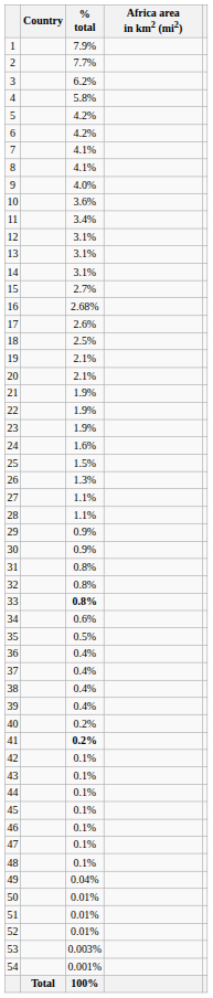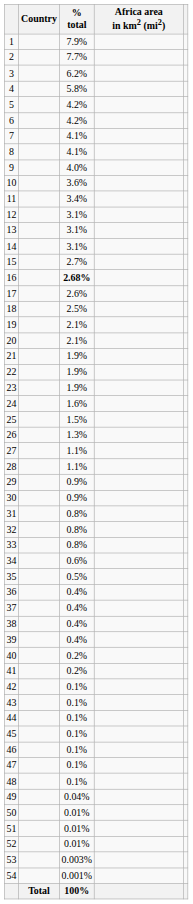 <table class="sortable wikitable sticky-header col2left" style="text-align: center">
 <tr>
 <th></th>
 <th>Country</th>
 <th>%<br>total</th>
 <th style=width:8.5em>Africa area<br>in km<sup>2</sup> (mi<sup>2</sup>)</th>
 <th class="unsortable"></th>
 </tr>
 <tr>
 <td>1</td>
 <td></td>
 <td>7.9%</td>
 <td></td>
 <td></td>
 </tr>
 <tr>
 <td>2</td>
 <td></td>
 <td>7.7%</td>
 <td></td>
 <td></td>
 </tr>
 <tr>
 <td>3</td>
 <td></td>
 <td>6.2%</td>
 <td></td>
 <td></td>
 </tr>
 <tr>
 <td>4</td>
 <td></td>
 <td>5.8%</td>
 <td></td>
 <td></td>
 </tr>
 <tr>
 <td>5</td>
 <td></td>
 <td>4.2%</td>
 <td></td>
 <td></td>
 </tr>
 <tr>
 <td>6</td>
 <td></td>
 <td>4.2%</td>
 <td></td>
 <td></td>
 </tr>
 <tr>
 <td>7</td>
 <td></td>
 <td>4.1%</td>
 <td></td>
 <td></td>
 </tr>
 <tr>
 <td>8</td>
 <td></td>
 <td>4.1%</td>
 <td></td>
 <td></td>
 </tr>
 <tr>
 <td>9</td>
 <td></td>
 <td>4.0%</td>
 <td></td>
 <td></td>
 </tr>
 <tr>
 <td>10</td>
 <td></td>
 <td>3.6%</td>
 <td></td>
 <td></td>
 </tr>
 <tr>
 <td>11</td>
 <td></td>
 <td>3.4%</td>
 <td></td>
 <td></td>
 </tr>
 <tr>
 <td>12</td>
 <td></td>
 <td>3.1%</td>
 <td></td>
 <td></td>
 </tr>
 <tr>
 <td>13</td>
 <td></td>
 <td>3.1%</td>
 <td></td>
 <td></td>
 </tr>
 <tr>
 <td>14</td>
 <td></td>
 <td>3.1%</td>
 <td></td>
 <td></td>
 </tr>
 <tr>
 <td>15</td>
 <td></td>
 <td>2.7%</td>
 <td></td>
 <td></td>
 </tr>
 <tr>
 <td>16</td>
 <td></td>
-<td>2.68%</td>
+<td><strong>2.68%</strong></td>
 <td></td>
 <td></td>
 </tr>
 <tr>
 <td>17</td>
 <td></td>
 <td>2.6%</td>
 <td></td>
 <td></td>
 </tr>
 <tr>
 <td>18</td>
 <td></td>
 <td>2.5%</td>
 <td></td>
 <td></td>
 </tr>
 <tr>
 <td>19</td>
 <td></td>
 <td>2.1%</td>
 <td></td>
 <td></td>
 </tr>
 <tr>
 <td>20</td>
 <td></td>
 <td>2.1%</td>
 <td></td>
 <td></td>
 </tr>
 <tr>
 <td>21</td>
 <td></td>
 <td>1.9%</td>
 <td></td>
 <td></td>
 </tr>
 <tr>
 <td>22</td>
 <td></td>
 <td>1.9%</td>
 <td></td>
 <td></td>
 </tr>
 <tr>
 <td>23</td>
 <td></td>
 <td>1.9%</td>
 <td></td>
 <td></td>
 </tr>
 <tr>
 <td>24</td>
 <td></td>
 <td>1.6%</td>
 <td></td>
 <td></td>
 </tr>
 <tr>
 <td>25</td>
 <td></td>
 <td>1.5%</td>
 <td></td>
 <td></td>
 </tr>
 <tr>
 <td>26</td>
 <td></td>
 <td>1.3%</td>
 <td></td>
 <td></td>
 </tr>
 <tr>
 <td>27</td>
 <td align="left"></td>
 <td>1.1%</td>
 <td></td>
 <td></td>
 </tr>
 <tr>
 <td>28</td>
 <td></td>
 <td>1.1%</td>
 <td></td>
 <td></td>
 </tr>
 <tr>
 <td>29</td>
 <td></td>
 <td>0.9%</td>
 <td></td>
 <td></td>
 </tr>
 <tr>
 <td>30</td>
 <td></td>
 <td>0.9%</td>
 <td></td>
 <td></td>
 </tr>
 <tr>
 <td>31</td>
 <td></td>
 <td>0.8%</td>
 <td></td>
 <td></td>
 </tr>
 <tr>
 <td>32</td>
 <td></td>
 <td>0.8%</td>
 <td></td>
 <td></td>
 </tr>
 <tr>
 <td>33</td>
 <td></td>
-<td><strong>0.8%</strong></td>
+<td>0.8%</td>
 <td></td>
 <td></td>
 </tr>
 <tr>
 <td>34</td>
 <td></td>
 <td>0.6%</td>
 <td></td>
 <td></td>
 </tr>
 <tr>
 <td>35</td>
 <td></td>
 <td>0.5%</td>
 <td></td>
 <td></td>
 </tr>
 <tr>
 <td>36</td>
 <td></td>
 <td>0.4%</td>
 <td></td>
 <td></td>
 </tr>
 <tr>
 <td>37</td>
 <td></td>
 <td>0.4%</td>
 <td></td>
 <td></td>
 </tr>
 <tr>
 <td>38</td>
 <td></td>
 <td>0.4%</td>
 <td></td>
 <td></td>
 </tr>
 <tr>
 <td>39</td>
 <td></td>
 <td>0.4%</td>
 <td></td>
 <td></td>
 </tr>
 <tr>
 <td>40</td>
 <td></td>
 <td>0.2%</td>
 <td></td>
 <td></td>
 </tr>
 <tr>
 <td>41</td>
 <td></td>
-<td><strong>0.2%</strong></td>
+<td>0.2%</td>
 <td></td>
 <td></td>
 </tr>
 <tr>
 <td>42</td>
 <td></td>
 <td>0.1%</td>
 <td></td>
 <td></td>
 </tr>
 <tr>
 <td>43</td>
 <td></td>
 <td>0.1%</td>
 <td></td>
 <td></td>
 </tr>
 <tr>
 <td>44</td>
 <td></td>
 <td>0.1%</td>
 <td></td>
 <td></td>
 </tr>
 <tr>
 <td>45</td>
 <td></td>
 <td>0.1%</td>
 <td></td>
 <td></td>
 </tr>
 <tr>
 <td>46</td>
 <td></td>
 <td>0.1%</td>
 <td></td>
 <td></td>
 </tr>
 <tr>
 <td>47</td>
 <td></td>
 <td>0.1%</td>
 <td></td>
 <td></td>
 </tr>
 <tr>
 <td>48</td>
 <td></td>
 <td>0.1%</td>
 <td></td>
 <td></td>
 </tr>
 <tr>
 <td>49</td>
 <td></td>
 <td>0.04%</td>
 <td></td>
 <td></td>
 </tr>
 <tr>
 <td>50</td>
 <td></td>
 <td>0.01%</td>
 <td></td>
 <td></td>
 </tr>
 <tr>
 <td>51</td>
 <td></td>
 <td>0.01%</td>
 <td></td>
 <td></td>
 </tr>
 <tr>
 <td>52</td>
 <td></td>
 <td>0.01%</td>
 <td></td>
 <td></td>
 </tr>
 <tr>
 <td>53</td>
 <td></td>
 <td>0.003%</td>
 <td></td>
 <td></td>
 </tr>
 <tr>
 <td>54</td>
 <td></td>
 <td>0.001%</td>
 <td></td>
 <td></td>
 </tr>
 <tr>
 <th></th>
 <th>Total</th>
 <th>100%</th>
 <th></th>
 <th></th>
 </tr>
 </table>
